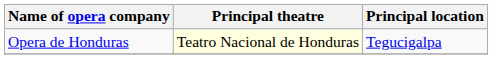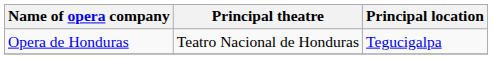 <table class="wikitable">
 <tr>
 <th>Name of <a href='#'>opera</a> company</th>
 <th>Principal theatre</th>
 <th>Principal location</th>
 </tr>
 <tr>
 <td><a href='#'>Opera de Honduras</a></td>
-<td style="background: lightyellow;">Teatro Nacional de Honduras</td>
+<td>Teatro Nacional de Honduras</td>
 <td><a href='#'>Tegucigalpa</a></td>
 </tr>
 <tr>
 </tr>
 </table>
